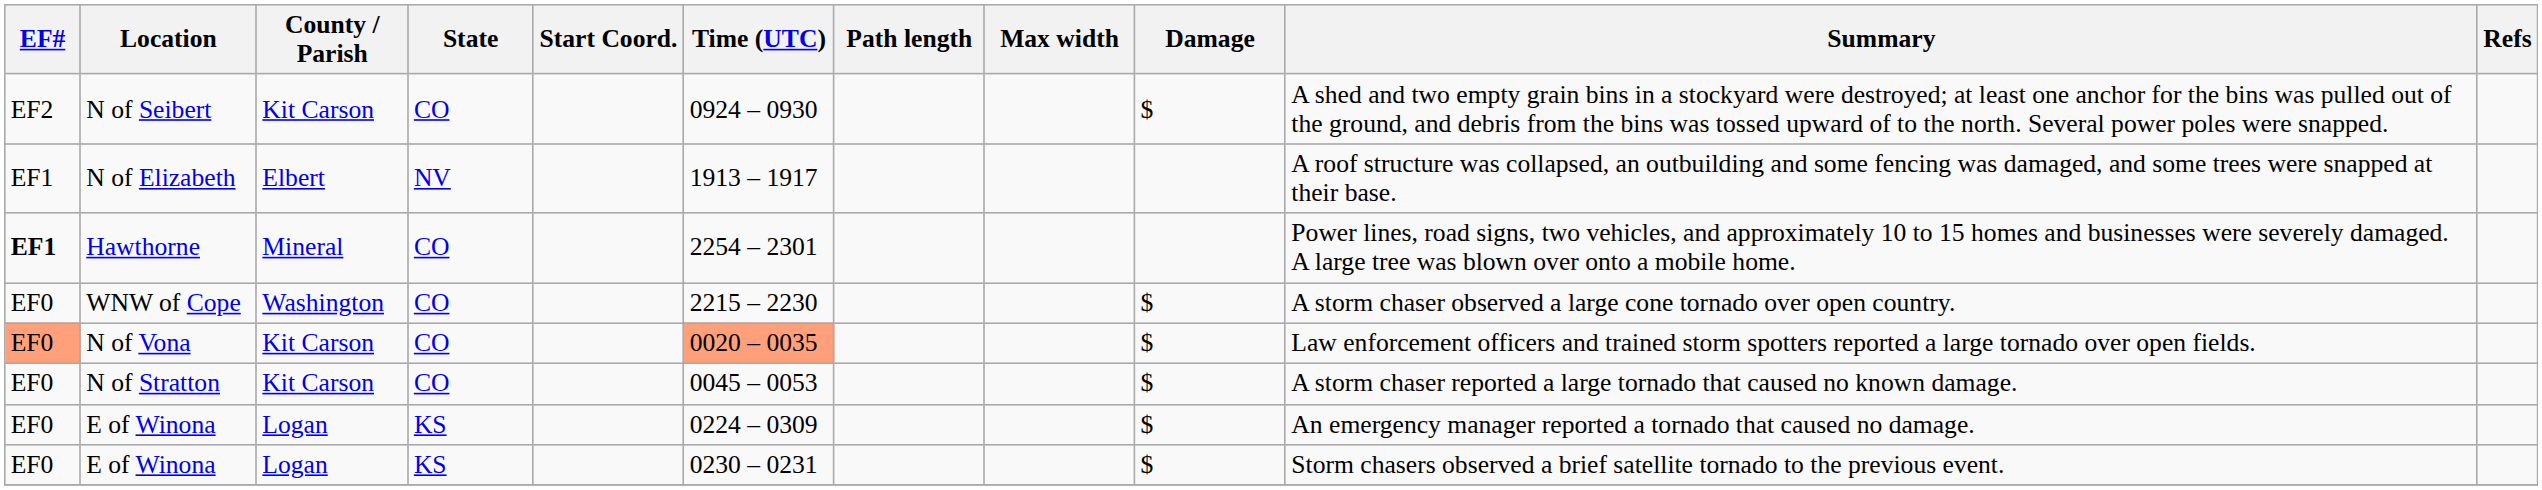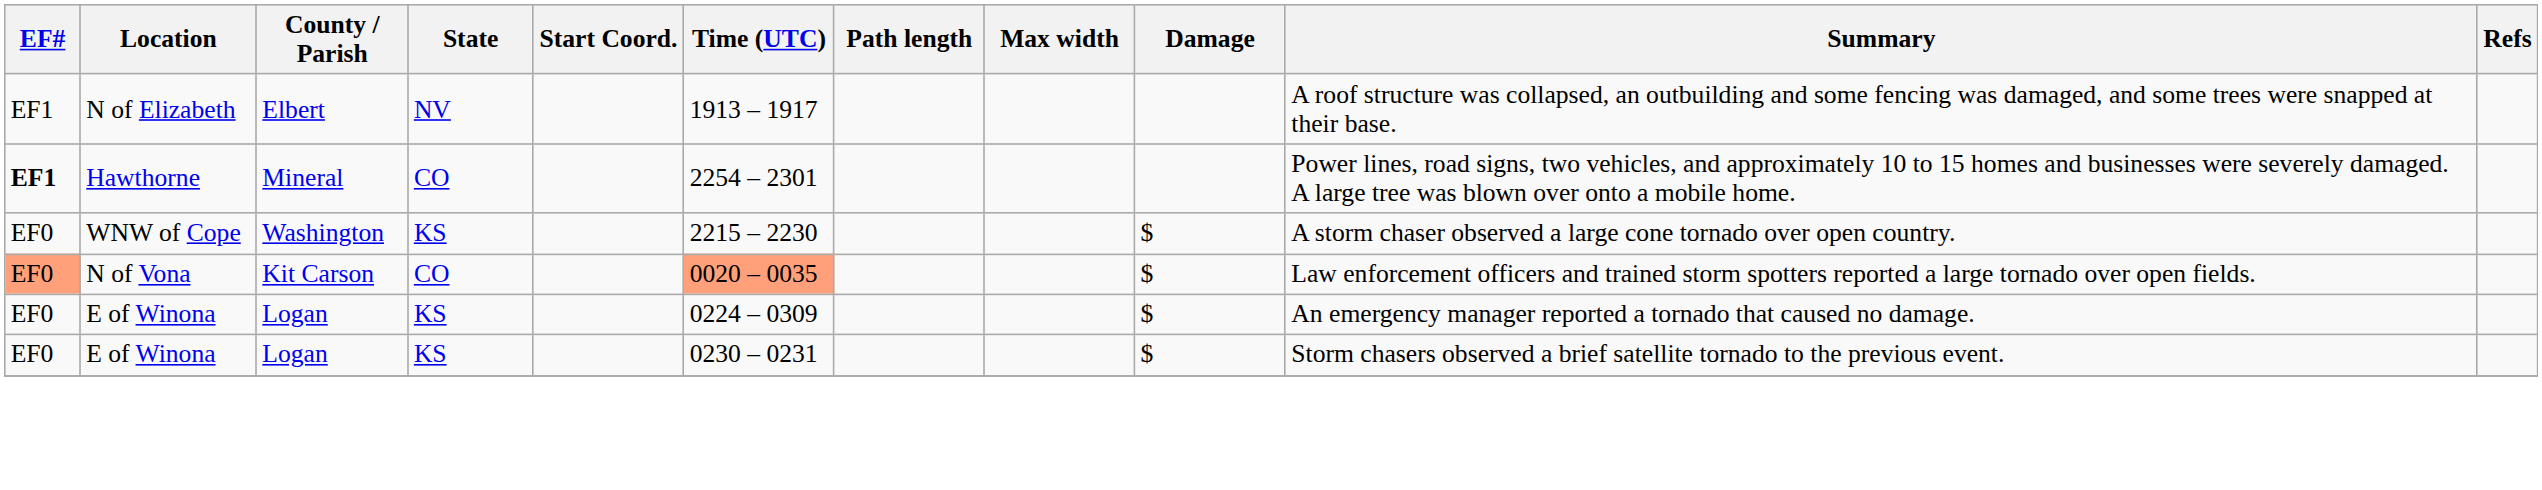 <table class="wikitable sortable" style="width:100%;">
 <tr>
 <th scope="col" width="3%" align="center"><a href='#'>EF#</a></th>
 <th scope="col" width="7%" align="center" class="unsortable">Location</th>
 <th scope="col" width="6%" align="center" class="unsortable">County / Parish</th>
 <th scope="col" width="5%" align="center">State</th>
 <th scope="col" width="6%" align="center">Start Coord.</th>
 <th scope="col" width="6%" align="center">Time (<a href='#'>UTC</a>)</th>
 <th scope="col" width="6%" align="center">Path length</th>
 <th scope="col" width="6%" align="center">Max width</th>
 <th scope="col" width="6%" align="center">Damage</th>
 <th scope="col" width="48%" class="unsortable" align="center">Summary</th>
 <th scope="col" width="48%" class="unsortable" align="center">Refs</th>
-</tr>
-<tr>
-<td>EF2</td>
-<td>N of <a href='#'>Seibert</a></td>
-<td><a href='#'>Kit Carson</a></td>
-<td><a href='#'>CO</a></td>
-<td></td>
-<td>0924 – 0930</td>
-<td></td>
-<td></td>
-<td>$</td>
-<td>A shed and two empty grain bins in a stockyard were destroyed; at least one anchor for the bins was pulled out of the ground, and debris from the bins was tossed upward of  to the north. Several power poles were snapped.</td>
-<td></td>
 </tr>
 <tr>
 <td>EF1</td>
 <td>N of <a href='#'>Elizabeth</a></td>
 <td><a href='#'>Elbert</a></td>
 <td><a href='#'>NV</a></td>
 <td></td>
 <td>1913 – 1917</td>
 <td></td>
 <td></td>
 <td></td>
 <td>A roof structure was collapsed, an outbuilding and some fencing was damaged, and some trees were snapped at their base.</td>
 <td></td>
 </tr>
 <tr>
 <td><strong>EF1</strong></td>
 <td><a href='#'>Hawthorne</a></td>
 <td><a href='#'>Mineral</a></td>
 <td><a href='#'>CO</a></td>
 <td></td>
 <td>2254 – 2301</td>
 <td></td>
 <td></td>
 <td></td>
 <td>Power lines, road signs, two vehicles, and approximately 10 to 15 homes and businesses were severely damaged. A large tree was blown over onto a mobile home.</td>
 <td></td>
 </tr>
 <tr>
 <td>EF0</td>
 <td>WNW of <a href='#'>Cope</a></td>
 <td><a href='#'>Washington</a></td>
-<td><a href='#'>CO</a></td>
+<td><a href='#'>KS</a></td>
 <td></td>
 <td>2215 – 2230</td>
 <td></td>
 <td></td>
 <td>$</td>
 <td>A storm chaser observed a large cone tornado over open country.</td>
 <td></td>
 </tr>
 <tr>
 <td style="background: lightsalmon;">EF0</td>
 <td>N of <a href='#'>Vona</a></td>
 <td><a href='#'>Kit Carson</a></td>
 <td><a href='#'>CO</a></td>
 <td></td>
 <td style="background: lightsalmon;">0020 – 0035</td>
 <td></td>
 <td></td>
 <td>$</td>
 <td>Law enforcement officers and trained storm spotters reported a large tornado over open fields.</td>
-<td></td>
-</tr>
-<tr>
-<td>EF0</td>
-<td>N of <a href='#'>Stratton</a></td>
-<td><a href='#'>Kit Carson</a></td>
-<td><a href='#'>CO</a></td>
-<td></td>
-<td>0045 – 0053</td>
-<td></td>
-<td></td>
-<td>$</td>
-<td>A storm chaser reported a large tornado that caused no known damage.</td>
 <td></td>
 </tr>
 <tr>
 <td>EF0</td>
 <td>E of <a href='#'>Winona</a></td>
 <td><a href='#'>Logan</a></td>
 <td><a href='#'>KS</a></td>
 <td></td>
 <td>0224 – 0309</td>
 <td></td>
 <td></td>
 <td>$</td>
 <td>An emergency manager reported a tornado that caused no damage.</td>
 <td></td>
 </tr>
 <tr>
 <td>EF0</td>
 <td>E of <a href='#'>Winona</a></td>
 <td><a href='#'>Logan</a></td>
 <td><a href='#'>KS</a></td>
 <td></td>
 <td>0230 – 0231</td>
 <td></td>
 <td></td>
 <td>$</td>
 <td>Storm chasers observed a brief satellite tornado to the previous event.</td>
 <td></td>
 </tr>
 <tr>
 </tr>
 </table>
